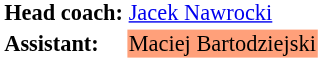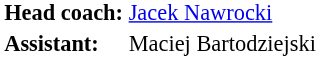 <table>
 <tr>
 <td><strong>Head coach:</strong></td>
 <td> <a href='#'>Jacek Nawrocki</a></td>
 </tr>
 <tr>
 <td><strong>Assistant:</strong></td>
-<td style="background: lightsalmon;"> Maciej Bartodziejski</td>
+<td> Maciej Bartodziejski</td>
 </tr>
 <tr>
 </tr>
 </table>
